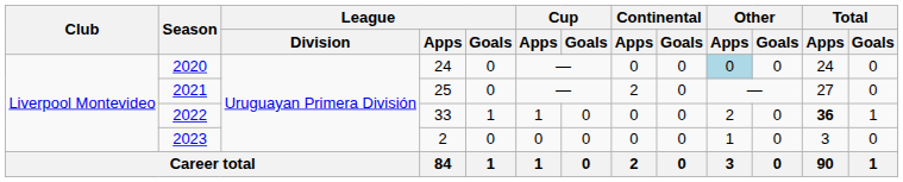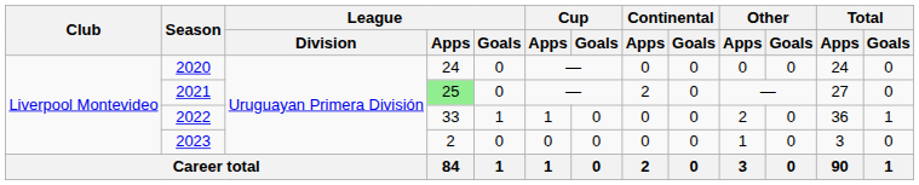 <table class="wikitable" style="text-align: center">
 <tr>
 <th rowspan="2">Club</th>
 <th rowspan="2">Season</th>
 <th colspan="3">League</th>
 <th colspan="2">Cup</th>
 <th colspan="2">Continental</th>
 <th colspan="2">Other</th>
 <th colspan="2">Total</th>
 </tr>
 <tr>
 <th>Division</th>
 <th>Apps</th>
 <th>Goals</th>
 <th>Apps</th>
 <th>Goals</th>
 <th>Apps</th>
 <th>Goals</th>
 <th>Apps</th>
 <th>Goals</th>
 <th>Apps</th>
 <th>Goals</th>
 </tr>
 <tr>
 <td rowspan="4"><a href='#'>Liverpool Montevideo</a></td>
 <td><a href='#'>2020</a></td>
 <td rowspan="4"><a href='#'>Uruguayan Primera División</a></td>
 <td>24</td>
 <td>0</td>
 <td colspan="2">—</td>
 <td>0</td>
 <td>0</td>
-<td style="background: lightblue;">0</td>
+<td>0</td>
 <td>0</td>
 <td>24</td>
 <td>0</td>
 </tr>
 <tr>
 <td><a href='#'>2021</a></td>
-<td>25</td>
+<td style="background: lightgreen;">25</td>
 <td>0</td>
 <td colspan="2">—</td>
 <td>2</td>
 <td>0</td>
 <td colspan="2">—</td>
 <td>27</td>
 <td>0</td>
 </tr>
 <tr>
 <td><a href='#'>2022</a></td>
 <td>33</td>
 <td>1</td>
 <td>1</td>
 <td>0</td>
 <td>0</td>
 <td>0</td>
 <td>2</td>
 <td>0</td>
-<td><strong>36</strong></td>
+<td>36</td>
 <td>1</td>
 </tr>
 <tr>
 <td><a href='#'>2023</a></td>
 <td>2</td>
 <td>0</td>
 <td>0</td>
 <td>0</td>
 <td>0</td>
 <td>0</td>
 <td>1</td>
 <td>0</td>
 <td>3</td>
 <td>0</td>
 </tr>
 <tr>
 <th colspan="3">Career total</th>
 <th>84</th>
 <th>1</th>
 <th>1</th>
 <th>0</th>
 <th>2</th>
 <th>0</th>
 <th>3</th>
 <th>0</th>
 <th>90</th>
 <th>1</th>
 </tr>
 </table>
